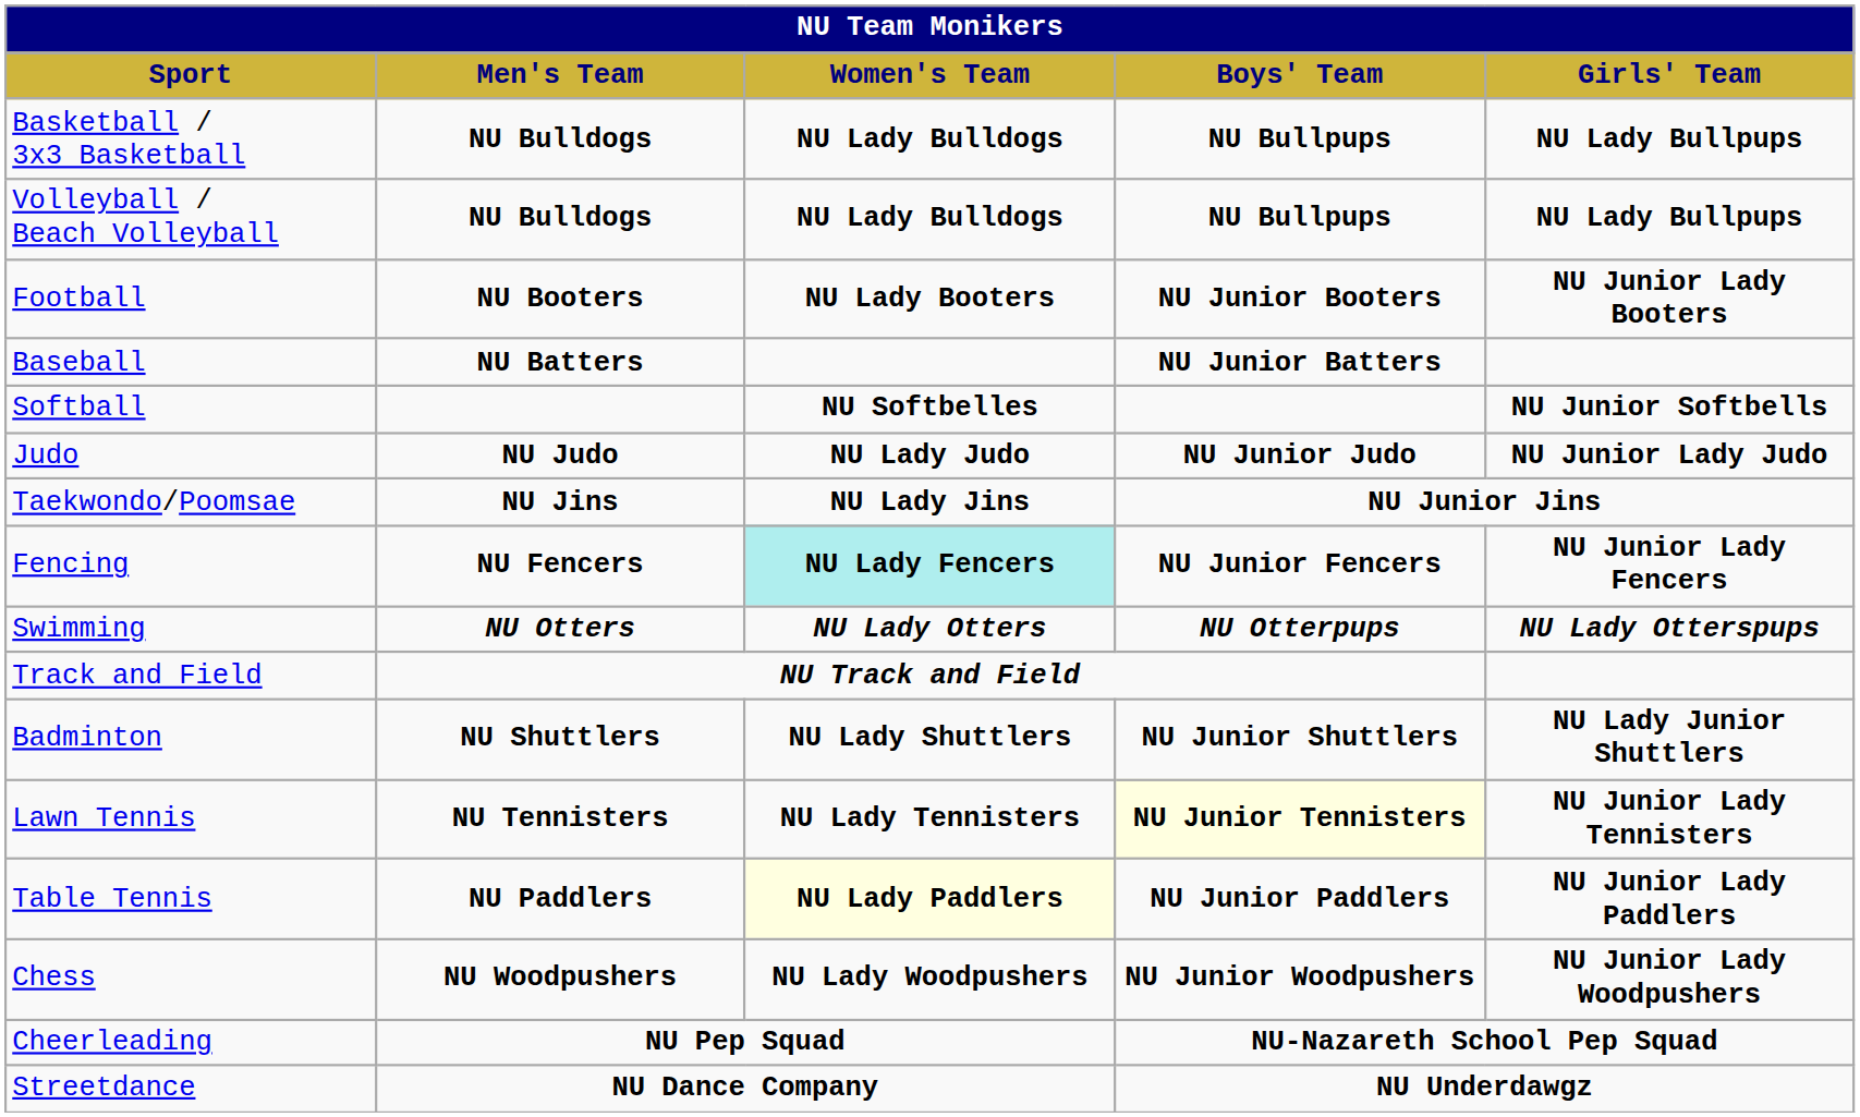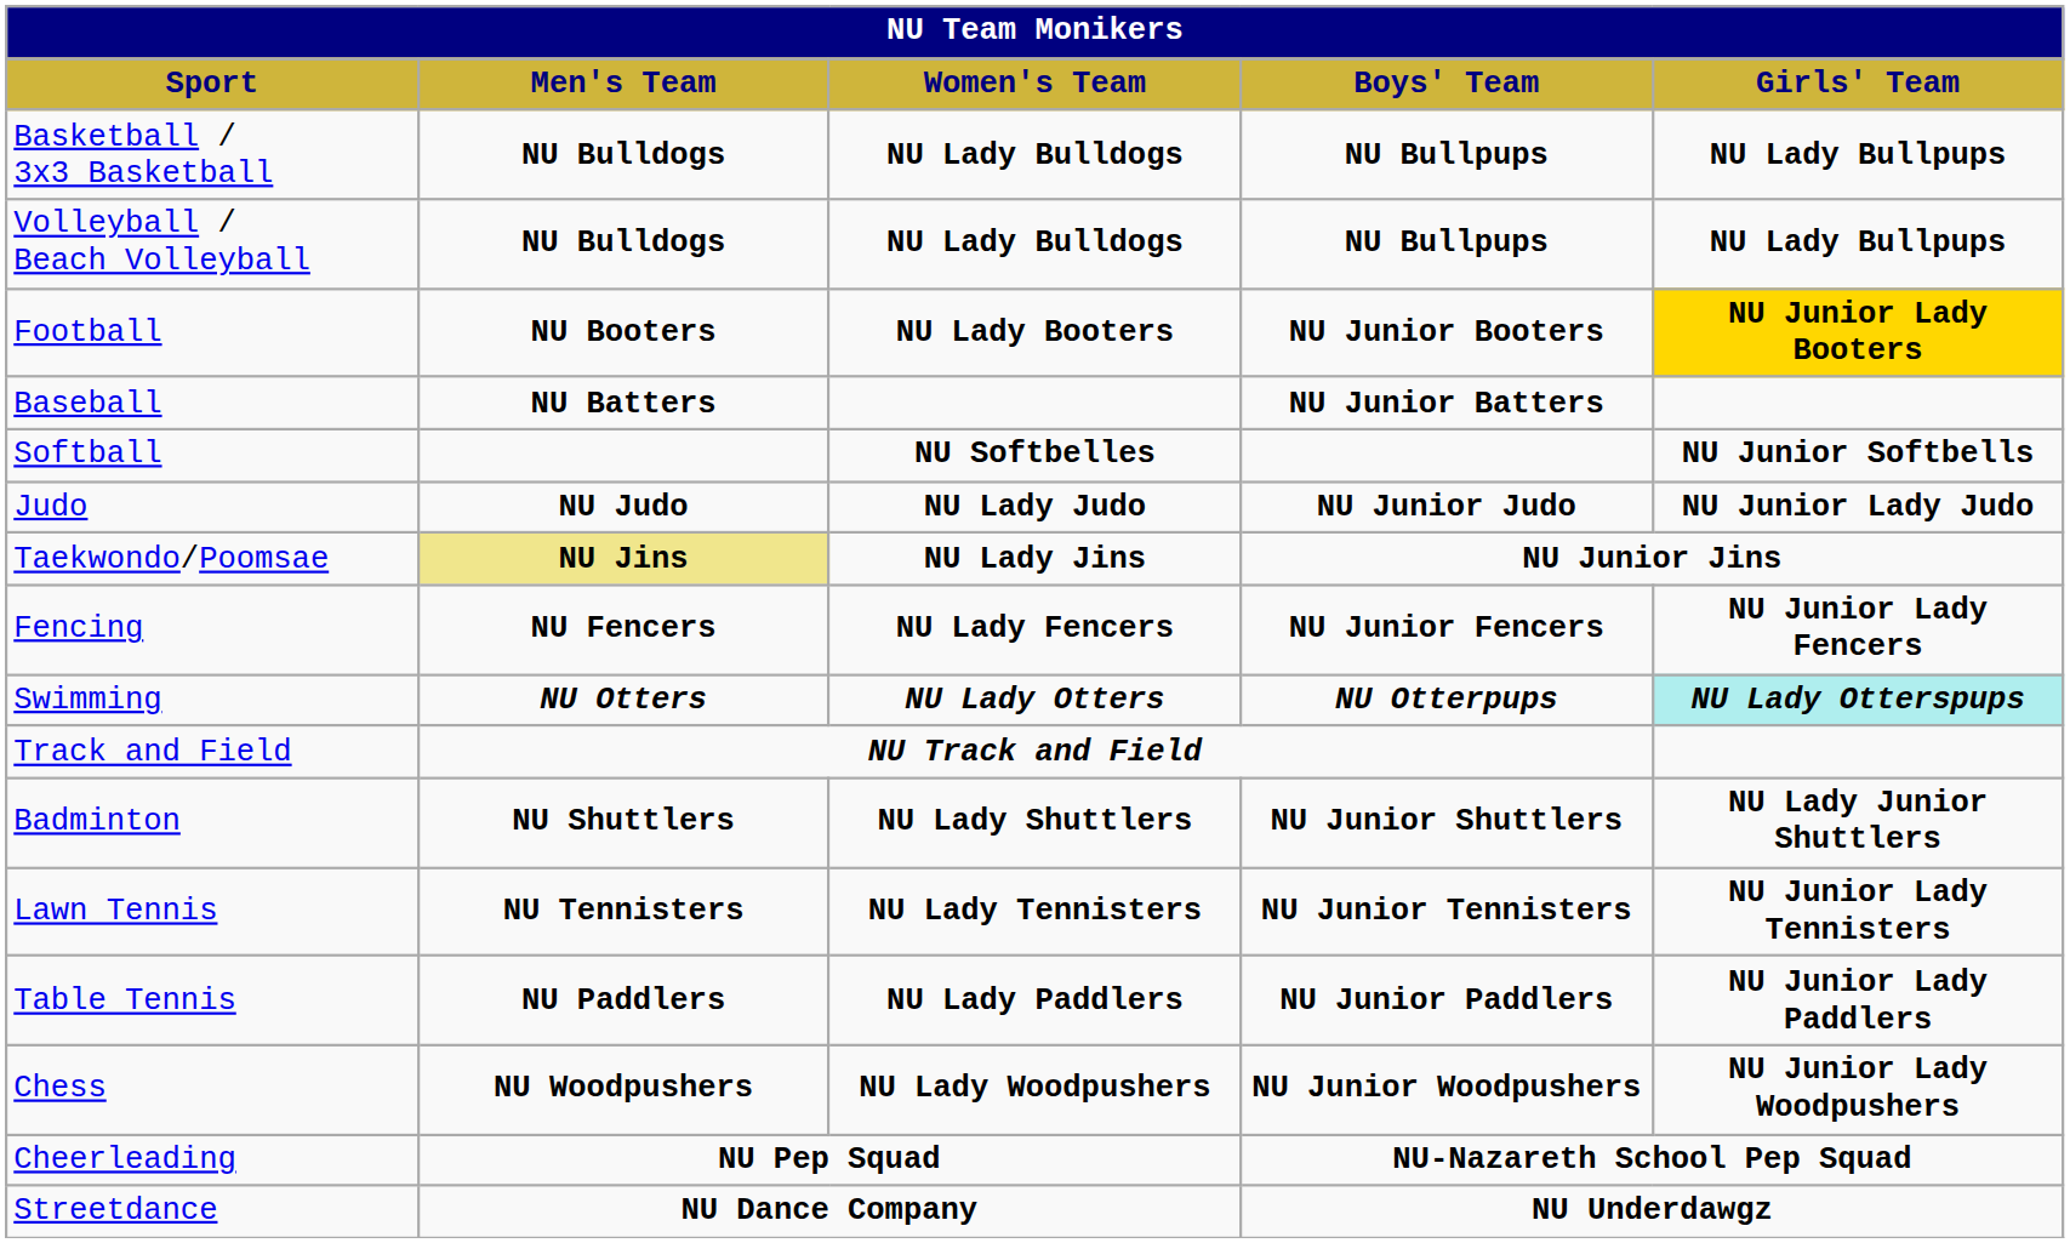 <table class="wikitable sortable" style="font-size:90%; text-align:center;">
 <tr>
 <th colspan="9" style="background:#000080; color:white; text-align: center"><strong>NU Team Monikers</strong></th>
 </tr>
 <tr>
 </tr>
 <tr style="background:#CFB53B;">
 <th style="width:150px; background:#CFB53B; Color:#000080;">Sport</th>
 <th style="width:150px; background:#CFB53B; Color:#000080;">Men's Team</th>
 <th style="width:150px; background:#CFB53B; Color:#000080;">Women's Team</th>
 <th style="width:150px; background:#CFB53B; Color:#000080;">Boys' Team</th>
 <th style="width:150px; background:#CFB53B; Color:#000080;">Girls' Team</th>
 </tr>
 <tr>
 <td style="text-align:left;"><a href='#'>Basketball</a> /<br><a href='#'>3x3 Basketball</a></td>
 <td><strong>NU Bulldogs</strong></td>
 <td><strong>NU Lady Bulldogs</strong></td>
 <td><strong>NU Bullpups</strong></td>
 <td><strong>NU Lady Bullpups</strong></td>
 </tr>
 <tr>
 <td style="text-align:left;"><a href='#'>Volleyball</a> /<br><a href='#'>Beach Volleyball</a></td>
 <td><strong>NU Bulldogs</strong></td>
 <td><strong>NU Lady Bulldogs</strong></td>
 <td><strong>NU Bullpups</strong></td>
 <td><strong>NU Lady Bullpups</strong></td>
 </tr>
 <tr>
 <td style="text-align:left;"><a href='#'>Football</a></td>
 <td><strong>NU Booters</strong></td>
 <td><strong>NU Lady Booters</strong></td>
 <td><strong>NU Junior Booters</strong></td>
-<td><strong>NU Junior Lady Booters</strong></td>
+<td style="background: gold;"><strong>NU Junior Lady Booters</strong></td>
 </tr>
 <tr>
 <td style="text-align:left;"><a href='#'>Baseball</a></td>
 <td><strong>NU Batters</strong></td>
 <td></td>
 <td><strong>NU Junior Batters</strong></td>
 <td></td>
 </tr>
 <tr>
 <td style="text-align:left;"><a href='#'>Softball</a></td>
 <td></td>
 <td><strong>NU Softbelles</strong></td>
 <td></td>
 <td><strong>NU Junior Softbells</strong></td>
 </tr>
 <tr>
 <td style="text-align:left;"><a href='#'>Judo</a></td>
 <td><strong>NU Judo</strong></td>
 <td><strong>NU Lady Judo</strong></td>
 <td><strong>NU Junior Judo</strong></td>
 <td><strong>NU Junior Lady Judo</strong></td>
 </tr>
 <tr>
 <td style="text-align:left;"><a href='#'>Taekwondo</a>/<a href='#'>Poomsae</a></td>
-<td><strong>NU Jins</strong></td>
+<td style="background: khaki;"><strong>NU Jins</strong></td>
 <td><strong>NU Lady Jins</strong></td>
 <td colspan="2"><strong>NU Junior Jins</strong></td>
 </tr>
 <tr>
 <td style="text-align:left;"><a href='#'>Fencing</a></td>
 <td><strong>NU Fencers</strong></td>
-<td style="background: paleturquoise;"><strong>NU Lady Fencers</strong></td>
+<td><strong>NU Lady Fencers</strong></td>
 <td><strong>NU Junior Fencers</strong></td>
 <td><strong>NU Junior Lady Fencers</strong></td>
 </tr>
 <tr>
 <td style="text-align:left;"><a href='#'>Swimming</a></td>
 <td><strong><em>NU Otters</em></strong></td>
 <td><strong><em>NU Lady Otters</em></strong></td>
 <td><strong><em>NU Otterpups</em></strong></td>
-<td><strong><em>NU Lady Otterspups</em></strong></td>
+<td style="background: paleturquoise;"><strong><em>NU Lady Otterspups</em></strong></td>
 </tr>
 <tr>
 <td style="text-align:left;"><a href='#'>Track and Field</a></td>
 <td colspan="3"><strong><em>NU Track and Field</em></strong></td>
 <td></td>
 </tr>
 <tr>
 <td style="text-align:left;"><a href='#'>Badminton</a></td>
 <td><strong>NU Shuttlers</strong></td>
 <td><strong>NU Lady Shuttlers</strong></td>
 <td><strong>NU Junior Shuttlers</strong></td>
 <td><strong>NU Lady Junior Shuttlers</strong></td>
 </tr>
 <tr>
 <td style="text-align:left;"><a href='#'>Lawn Tennis</a></td>
 <td><strong>NU Tennisters</strong></td>
 <td><strong>NU Lady Tennisters</strong></td>
-<td style="background: lightyellow;"><strong>NU Junior Tennisters</strong></td>
+<td><strong>NU Junior Tennisters</strong></td>
 <td><strong>NU Junior Lady Tennisters</strong></td>
 </tr>
 <tr>
 <td style="text-align:left;"><a href='#'>Table Tennis</a></td>
 <td><strong>NU Paddlers</strong></td>
-<td style="background: lightyellow;"><strong>NU Lady Paddlers</strong></td>
+<td><strong>NU Lady Paddlers</strong></td>
 <td><strong>NU Junior Paddlers</strong></td>
 <td><strong>NU Junior Lady Paddlers</strong></td>
 </tr>
 <tr>
 <td style="text-align:left;"><a href='#'>Chess</a></td>
 <td><strong>NU Woodpushers</strong></td>
 <td><strong>NU Lady Woodpushers</strong></td>
 <td><strong>NU Junior Woodpushers</strong></td>
 <td><strong>NU Junior Lady Woodpushers</strong></td>
 </tr>
 <tr>
 <td style="text-align:left;"><a href='#'>Cheerleading</a></td>
 <td colspan="2"><strong>NU Pep Squad</strong></td>
 <td colspan="2"><strong>NU-Nazareth School Pep Squad</strong></td>
 </tr>
 <tr>
 <td style="text-align:left;"><a href='#'>Streetdance</a></td>
 <td colspan="2"><strong>NU Dance Company</strong></td>
 <td colspan="2"><strong>NU Underdawgz</strong></td>
 </tr>
 <tr>
 </tr>
 </table>
